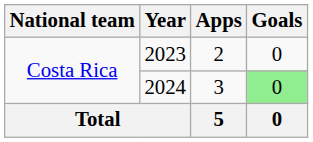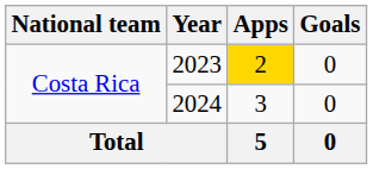 <table class="wikitable" style="text-align:center">
 <tr>
 <th>National team</th>
 <th>Year</th>
 <th>Apps</th>
 <th>Goals</th>
 </tr>
 <tr>
 <td rowspan="2"><a href='#'>Costa Rica</a></td>
 <td>2023</td>
-<td>2</td>
+<td style="background: gold;">2</td>
 <td>0</td>
 </tr>
 <tr>
 <td>2024</td>
 <td>3</td>
-<td style="background: lightgreen;">0</td>
+<td>0</td>
 </tr>
 <tr>
 <th colspan="2">Total</th>
 <th>5</th>
 <th>0</th>
 </tr>
 </table>
